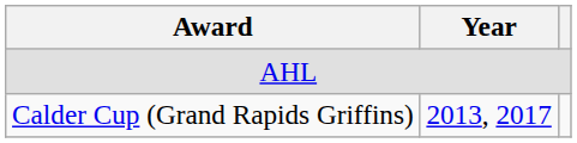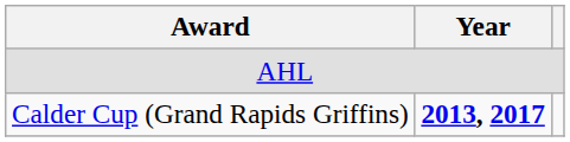 <table class="wikitable">
 <tr>
 <th>Award</th>
 <th>Year</th>
 <th></th>
 </tr>
 <tr ALIGN="center" bgcolor="#e0e0e0">
 <td colspan="3"><a href='#'>AHL</a></td>
 </tr>
 <tr>
 <td><a href='#'>Calder Cup</a> (Grand Rapids Griffins)</td>
-<td><a href='#'>2013</a>, <a href='#'>2017</a></td>
+<td><strong><a href='#'>2013</a>, <a href='#'>2017</a></strong></td>
 <td></td>
 </tr>
 </table>
